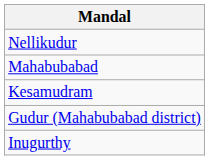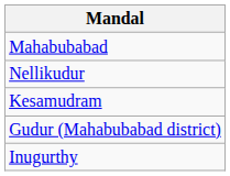 <table class="wikitable sortable static-row-numbers static-row-header-hash">
 <tr>
 <th>Mandal</th>
 </tr>
 <tr>
-<td><a href='#'>Nellikudur</a></td>
+<td><a href='#'>Mahabubabad</a></td>
 </tr>
 <tr>
-<td><a href='#'>Mahabubabad</a></td>
+<td><a href='#'>Nellikudur</a></td>
 </tr>
 <tr>
 <td><a href='#'>Kesamudram</a></td>
 </tr>
 <tr>
 <td><a href='#'>Gudur (Mahabubabad district)</a></td>
 </tr>
 <tr>
 <td><a href='#'>Inugurthy </a></td>
 </tr>
 </table>
